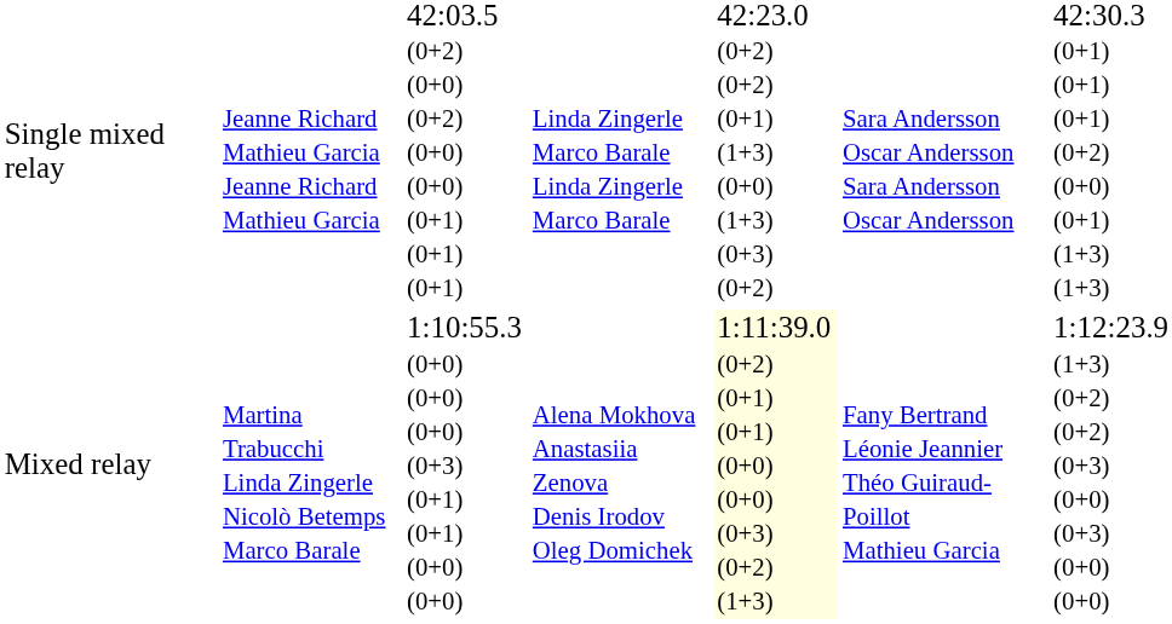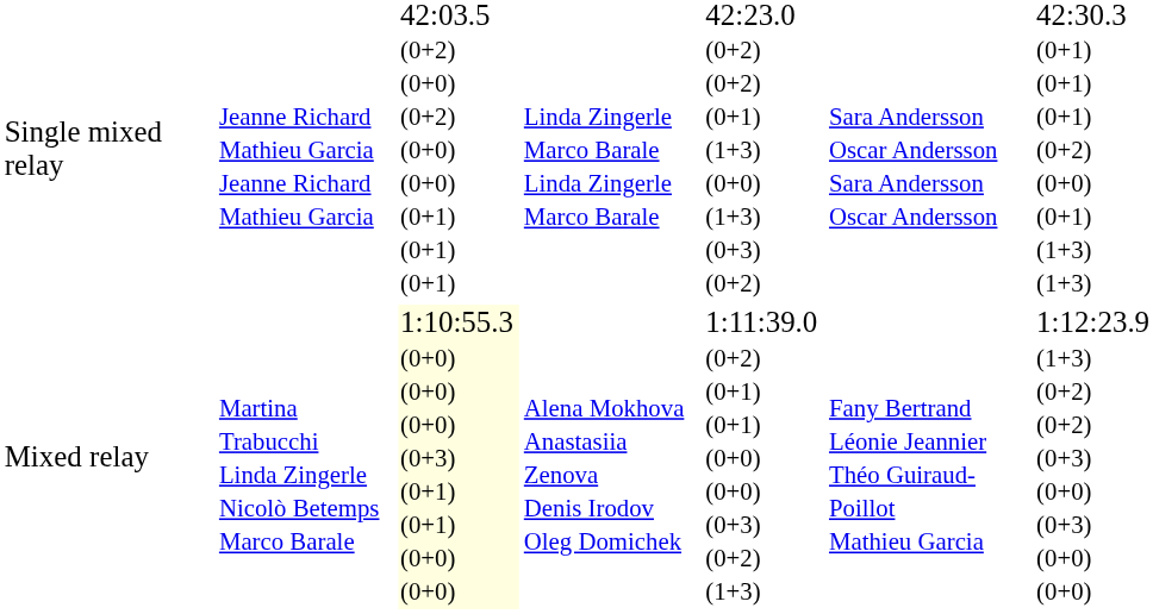 <table>
 <tr>
 <td>Single mixed relay<br></td>
 <td><br><small><a href='#'>Jeanne Richard</a><br><a href='#'>Mathieu Garcia</a><br><a href='#'>Jeanne Richard</a><br><a href='#'>Mathieu Garcia</a></small></td>
 <td>42:03.5<br><small>(0+2) (0+0)<br>(0+2) (0+0)<br>(0+0) (0+1)<br>(0+1) (0+1)</small></td>
 <td><br><small><a href='#'>Linda Zingerle</a><br><a href='#'>Marco Barale</a><br><a href='#'>Linda Zingerle</a><br><a href='#'>Marco Barale</a></small></td>
 <td>42:23.0<br><small>(0+2) (0+2)<br>(0+1) (1+3)<br>(0+0) (1+3)<br>(0+3) (0+2)</small></td>
 <td><br><small><a href='#'>Sara Andersson</a><br><a href='#'>Oscar Andersson</a><br><a href='#'>Sara Andersson</a><br><a href='#'>Oscar Andersson</a></small></td>
 <td>42:30.3<br><small>(0+1) (0+1)<br>(0+1) (0+2)<br>(0+0) (0+1)<br>(1+3) (1+3)</small></td>
 </tr>
 <tr>
 <td>Mixed relay<br></td>
 <td><br><small><a href='#'>Martina Trabucchi</a><br><a href='#'>Linda Zingerle</a><br><a href='#'>Nicolò Betemps</a><br><a href='#'>Marco Barale</a></small></td>
-<td>1:10:55.3<br><small>(0+0) (0+0)<br>(0+0) (0+3)<br>(0+1) (0+1)<br>(0+0) (0+0)</small></td>
+<td style="background: lightyellow;">1:10:55.3<br><small>(0+0) (0+0)<br>(0+0) (0+3)<br>(0+1) (0+1)<br>(0+0) (0+0)</small></td>
 <td><br><small><a href='#'>Alena Mokhova</a><br><a href='#'>Anastasiia Zenova</a><br><a href='#'>Denis Irodov</a><br><a href='#'>Oleg Domichek</a></small></td>
-<td style="background: lightyellow;">1:11:39.0<br><small>(0+2) (0+1)<br>(0+1) (0+0)<br>(0+0) (0+3)<br>(0+2) (1+3)</small></td>
+<td>1:11:39.0<br><small>(0+2) (0+1)<br>(0+1) (0+0)<br>(0+0) (0+3)<br>(0+2) (1+3)</small></td>
 <td><br><small><a href='#'>Fany Bertrand</a><br><a href='#'>Léonie Jeannier</a><br><a href='#'>Théo Guiraud-Poillot</a><br><a href='#'>Mathieu Garcia</a></small></td>
 <td>1:12:23.9<br><small>(1+3) (0+2)<br>(0+2) (0+3)<br>(0+0) (0+3)<br>(0+0) (0+0)</small></td>
 </tr>
 </table>
